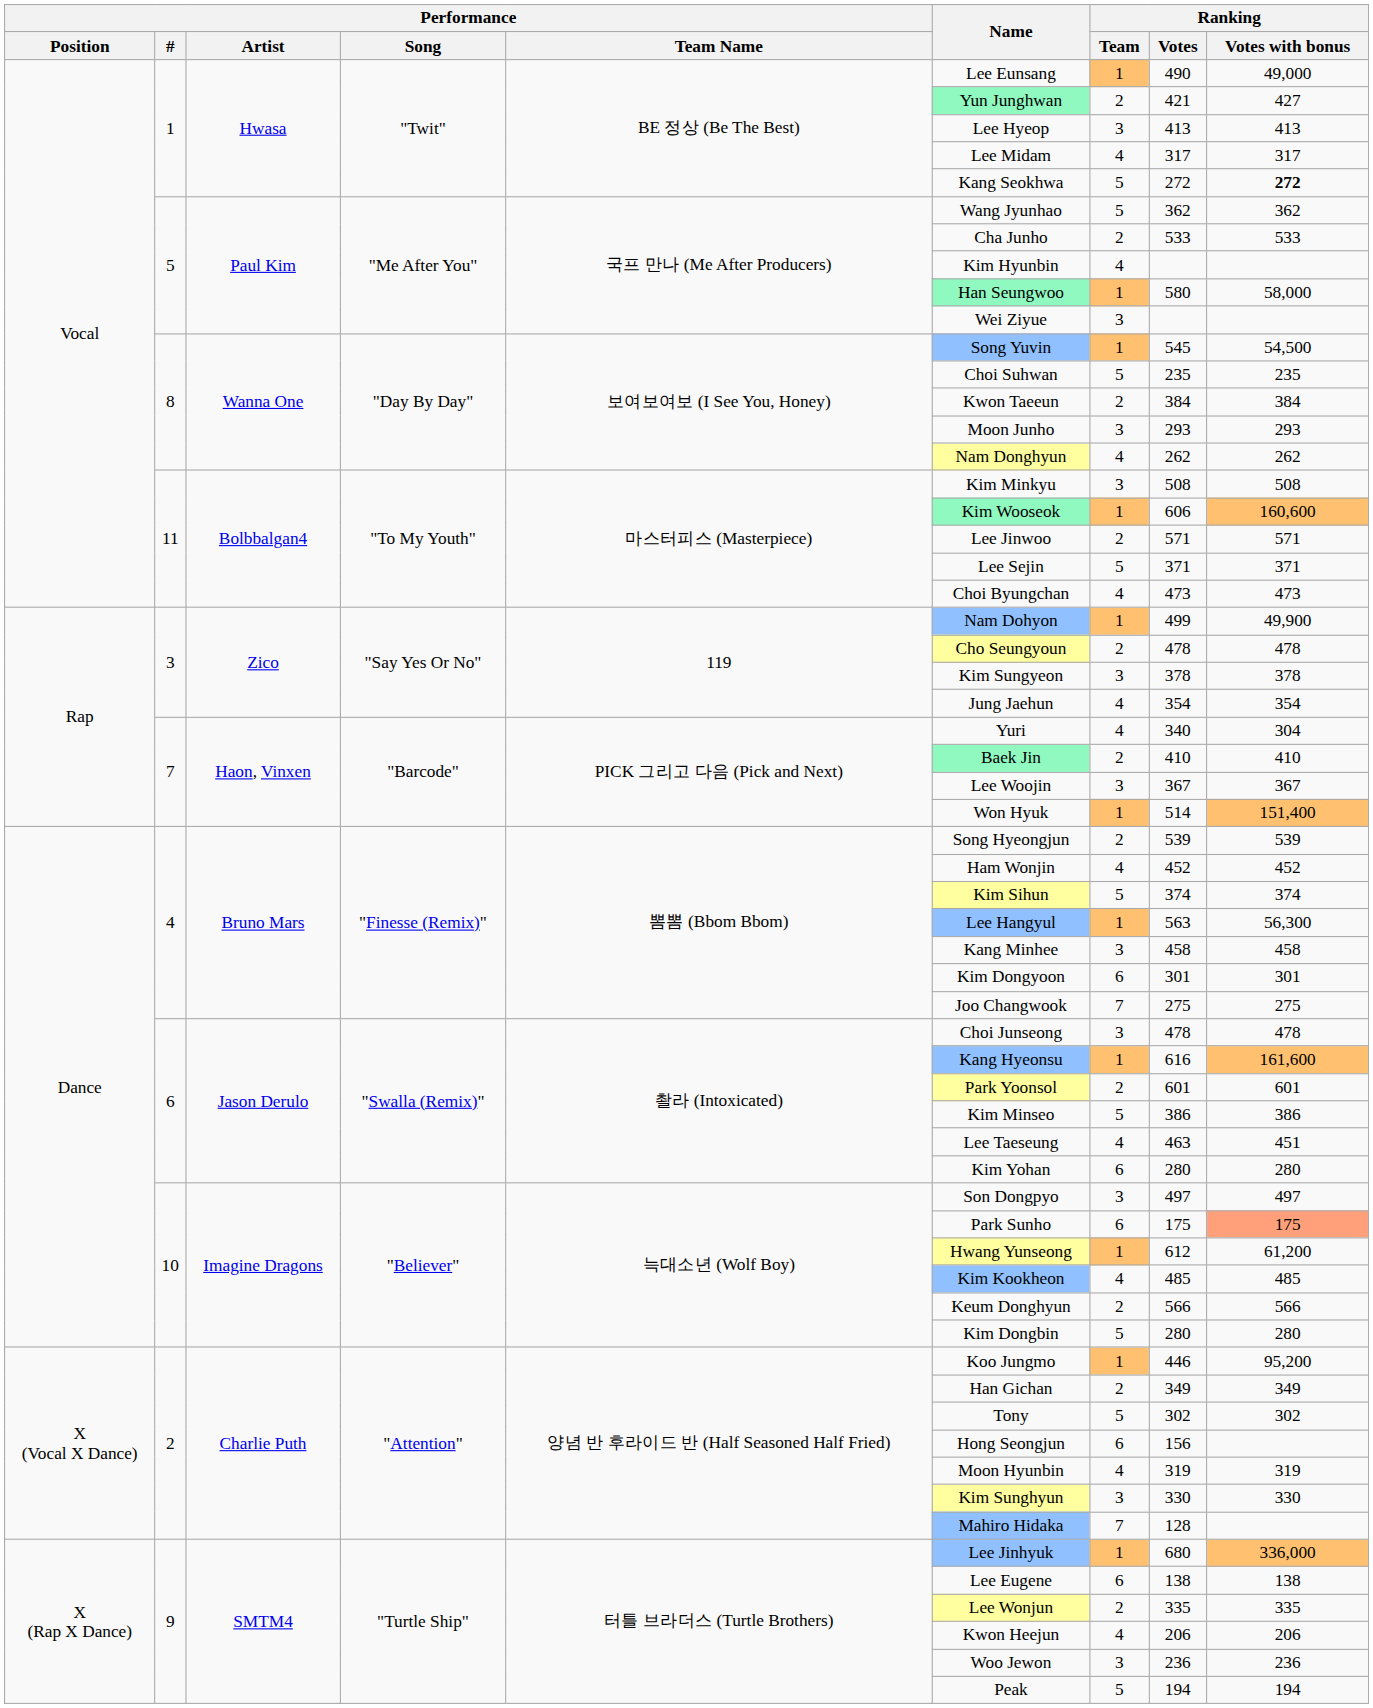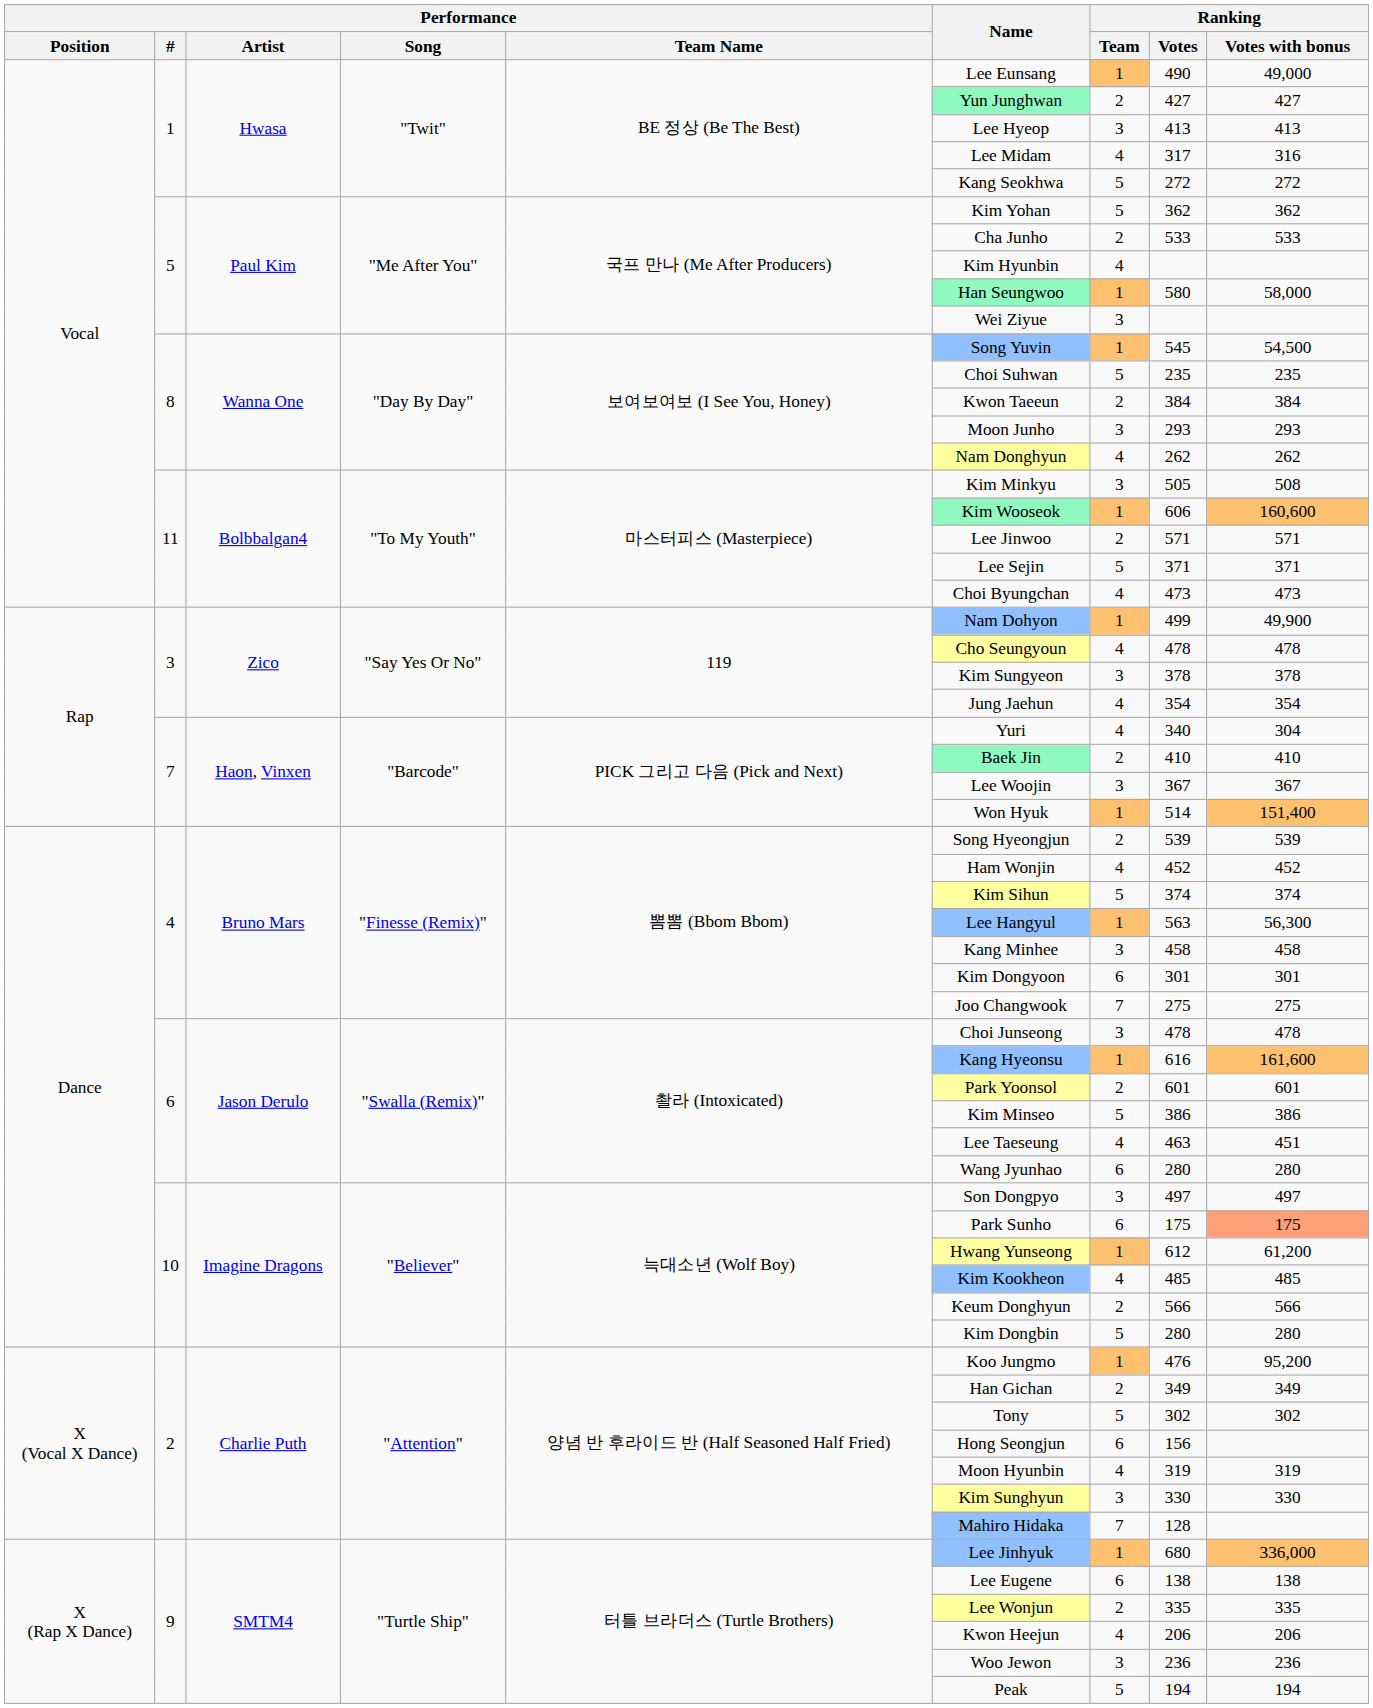 <table class="wikitable sortable" style="text-align:center; width:100%;">
 <tr>
 <th colspan=5>Performance</th>
 <th rowspan=2>Name</th>
 <th colspan=7>Ranking</th>
 </tr>
 <tr>
 <th>Position</th>
 <th>#</th>
 <th class=unsortable>Artist</th>
 <th class=unsortable>Song</th>
 <th class=unsortable>Team Name</th>
 <th>Team</th>
 <th>Votes</th>
 <th>Votes with bonus</th>
 </tr>
 <tr>
 <td rowspan="20">Vocal</td>
 <td rowspan="5">1</td>
 <td rowspan="5"><a href='#'>Hwasa</a></td>
 <td rowspan="5">"Twit"</td>
 <td rowspan="5">BE 정상 (Be The Best)</td>
 <td>Lee Eunsang</td>
 <td style=background:#FFC06F;>1</td>
 <td>490</td>
 <td>49,000</td>
 </tr>
 <tr>
 <td style="background:#90F9C0;">Yun Junghwan</td>
 <td>2</td>
-<td>421</td>
+<td>427</td>
 <td>427</td>
 </tr>
 <tr>
 <td>Lee Hyeop</td>
 <td>3</td>
 <td>413</td>
 <td>413</td>
 </tr>
 <tr>
 <td>Lee Midam</td>
 <td>4</td>
 <td>317</td>
-<td>317</td>
+<td>316</td>
 </tr>
 <tr>
 <td>Kang Seokhwa</td>
 <td>5</td>
 <td>272</td>
-<td><strong>272</strong></td>
+<td>272</td>
 </tr>
 <tr>
 <td rowspan="5">5</td>
 <td rowspan="5"><a href='#'>Paul Kim</a></td>
 <td rowspan="5">"Me After You"</td>
 <td rowspan="5">국프 만나 (Me After Producers)</td>
-<td>Wang Jyunhao</td>
+<td>Kim Yohan</td>
 <td>5</td>
 <td>362</td>
 <td>362</td>
 </tr>
 <tr>
 <td>Cha Junho</td>
 <td>2</td>
 <td>533</td>
 <td>533</td>
 </tr>
 <tr>
 <td>Kim Hyunbin</td>
 <td>4</td>
 <td></td>
 <td></td>
 </tr>
 <tr>
 <td style="background:#90F9C0;">Han Seungwoo</td>
 <td style=background:#FFC06F;>1</td>
 <td>580</td>
 <td>58,000</td>
 </tr>
 <tr>
 <td>Wei Ziyue</td>
 <td>3</td>
 <td></td>
 <td></td>
 </tr>
 <tr>
 <td rowspan="5">8</td>
 <td rowspan="5"><a href='#'>Wanna One</a></td>
 <td rowspan="5">"Day By Day"</td>
 <td rowspan="5">보여보여보 (I See You, Honey)</td>
 <td style=background:#90C0FF;>Song Yuvin</td>
 <td style="background:#FFC06F;">1</td>
 <td>545</td>
 <td>54,500</td>
 </tr>
 <tr>
 <td>Choi Suhwan</td>
 <td>5</td>
 <td>235</td>
 <td>235</td>
 </tr>
 <tr>
 <td>Kwon Taeeun</td>
 <td>2</td>
 <td>384</td>
 <td>384</td>
 </tr>
 <tr>
 <td>Moon Junho</td>
 <td>3</td>
 <td>293</td>
 <td>293</td>
 </tr>
 <tr>
 <td style="background:#FFFF9F;">Nam Donghyun</td>
 <td>4</td>
 <td>262</td>
 <td>262</td>
 </tr>
 <tr>
 <td rowspan="5">11</td>
 <td rowspan="5"><a href='#'>Bolbbalgan4</a></td>
 <td rowspan="5">"To My Youth"</td>
 <td rowspan="5">마스터피스 (Masterpiece)</td>
 <td>Kim Minkyu</td>
 <td>3</td>
-<td>508</td>
+<td>505</td>
 <td>508</td>
 </tr>
 <tr>
 <td style="background:#90F9C0;">Kim Wooseok</td>
 <td style="background:#FFC06F;">1</td>
 <td>606</td>
 <td style=background:#FFC06F;>160,600</td>
 </tr>
 <tr>
 <td>Lee Jinwoo</td>
 <td>2</td>
 <td>571</td>
 <td>571</td>
 </tr>
 <tr>
 <td>Lee Sejin</td>
 <td>5</td>
 <td>371</td>
 <td>371</td>
 </tr>
 <tr>
 <td>Choi Byungchan</td>
 <td>4</td>
 <td>473</td>
 <td>473</td>
 </tr>
 <tr>
 <td rowspan="8">Rap</td>
 <td rowspan="4">3</td>
 <td rowspan="4"><a href='#'>Zico</a></td>
 <td rowspan="4">"Say Yes Or No"</td>
 <td rowspan="4">119</td>
 <td style=background:#90C0FF;>Nam Dohyon</td>
 <td style=background:#FFC06F;>1</td>
 <td>499</td>
 <td>49,900</td>
 </tr>
 <tr>
 <td style="background:#FFFF9F;">Cho Seungyoun</td>
-<td>2</td>
+<td>4</td>
 <td>478</td>
 <td>478</td>
 </tr>
 <tr>
 <td>Kim Sungyeon</td>
 <td>3</td>
 <td>378</td>
 <td>378</td>
 </tr>
 <tr>
 <td>Jung Jaehun</td>
 <td>4</td>
 <td>354</td>
 <td>354</td>
 </tr>
 <tr>
 <td rowspan="4">7</td>
 <td rowspan="4"><a href='#'>Haon</a>, <a href='#'>Vinxen</a></td>
 <td rowspan="4">"Barcode"</td>
 <td rowspan="4">PICK 그리고 다음 (Pick and Next)</td>
 <td>Yuri</td>
 <td>4</td>
 <td>340</td>
 <td>304</td>
 </tr>
 <tr>
 <td style="background:#90F9C0;">Baek Jin</td>
 <td>2</td>
 <td>410</td>
 <td>410</td>
 </tr>
 <tr>
 <td>Lee Woojin</td>
 <td>3</td>
 <td>367</td>
 <td>367</td>
 </tr>
 <tr>
 <td>Won Hyuk</td>
 <td style="background:#FFC06F;">1</td>
 <td>514</td>
 <td style=background:#FFC06F;>151,400</td>
 </tr>
 <tr>
 <td rowspan="19">Dance</td>
 <td rowspan="7">4</td>
 <td rowspan="7"><a href='#'>Bruno Mars</a></td>
 <td rowspan="7">"<a href='#'>Finesse (Remix)</a>"</td>
 <td rowspan="7">뽐뽐 (Bbom Bbom)</td>
 <td>Song Hyeongjun</td>
 <td>2</td>
 <td>539</td>
 <td>539</td>
 </tr>
 <tr>
 <td>Ham Wonjin</td>
 <td>4</td>
 <td>452</td>
 <td>452</td>
 </tr>
 <tr>
 <td style="background:#FFFF9F;">Kim Sihun</td>
 <td>5</td>
 <td>374</td>
 <td>374</td>
 </tr>
 <tr>
 <td style=background:#90C0FF;>Lee Hangyul</td>
 <td style=background:#FFC06F;>1</td>
 <td>563</td>
 <td>56,300</td>
 </tr>
 <tr>
 <td>Kang Minhee</td>
 <td>3</td>
 <td>458</td>
 <td>458</td>
 </tr>
 <tr>
 <td>Kim Dongyoon</td>
 <td>6</td>
 <td>301</td>
 <td>301</td>
 </tr>
 <tr>
 <td>Joo Changwook</td>
 <td>7</td>
 <td>275</td>
 <td>275</td>
 </tr>
 <tr>
 <td rowspan="6">6</td>
 <td rowspan="6"><a href='#'>Jason Derulo</a></td>
 <td rowspan="6">"<a href='#'>Swalla (Remix)</a>"</td>
 <td rowspan="6">촬라 (Intoxicated)</td>
 <td>Choi Junseong</td>
 <td>3</td>
 <td>478</td>
 <td>478</td>
 </tr>
 <tr>
 <td style=background:#90C0FF;>Kang Hyeonsu</td>
 <td style=background:#FFC06F;>1</td>
 <td>616</td>
 <td style=background:#FFC06F;>161,600</td>
 </tr>
 <tr>
 <td style=background:#FFFF9F;>Park Yoonsol</td>
 <td>2</td>
 <td>601</td>
 <td>601</td>
 </tr>
 <tr>
 <td>Kim Minseo</td>
 <td>5</td>
 <td>386</td>
 <td>386</td>
 </tr>
 <tr>
 <td>Lee Taeseung</td>
 <td>4</td>
 <td>463</td>
 <td>451</td>
 </tr>
 <tr>
-<td>Kim Yohan</td>
+<td>Wang Jyunhao</td>
 <td>6</td>
 <td>280</td>
 <td>280</td>
 </tr>
 <tr>
 <td rowspan="6">10</td>
 <td rowspan="6"><a href='#'>Imagine Dragons</a></td>
 <td rowspan="6">"<a href='#'>Believer</a>"</td>
 <td rowspan="6">늑대소년 (Wolf Boy)</td>
 <td>Son Dongpyo</td>
 <td>3</td>
 <td>497</td>
 <td>497</td>
 </tr>
 <tr>
 <td>Park Sunho</td>
 <td>6</td>
 <td>175</td>
 <td style="background: lightsalmon;">175</td>
 </tr>
 <tr>
 <td style=background:#FFFF9F;>Hwang Yunseong</td>
 <td style="background:#FFC06F;">1</td>
 <td>612</td>
 <td>61,200</td>
 </tr>
 <tr>
 <td style=background:#90C0FF;>Kim Kookheon</td>
 <td>4</td>
 <td>485</td>
 <td>485</td>
 </tr>
 <tr>
 <td>Keum Donghyun</td>
 <td>2</td>
 <td>566</td>
 <td>566</td>
 </tr>
 <tr>
 <td>Kim Dongbin</td>
 <td>5</td>
 <td>280</td>
 <td>280</td>
 </tr>
 <tr>
 <td rowspan="7">X<br>(Vocal X Dance)</td>
 <td rowspan="7">2</td>
 <td rowspan="7"><a href='#'>Charlie Puth</a></td>
 <td rowspan="7">"<a href='#'>Attention</a>"</td>
 <td rowspan="7">양념 반 후라이드 반 (Half Seasoned Half Fried)</td>
 <td>Koo Jungmo</td>
 <td style=background:#FFC06F;>1</td>
-<td>446</td>
+<td>476</td>
 <td>95,200</td>
 </tr>
 <tr>
 <td>Han Gichan</td>
 <td>2</td>
 <td>349</td>
 <td>349</td>
 </tr>
 <tr>
 <td>Tony</td>
 <td>5</td>
 <td>302</td>
 <td>302</td>
 </tr>
 <tr>
 <td>Hong Seongjun</td>
 <td>6</td>
 <td>156</td>
 <td></td>
 </tr>
 <tr>
 <td>Moon Hyunbin</td>
 <td>4</td>
 <td>319</td>
 <td>319</td>
 </tr>
 <tr>
 <td style="background:#FFFF9F;">Kim Sunghyun</td>
 <td>3</td>
 <td>330</td>
 <td>330</td>
 </tr>
 <tr>
 <td style=background:#90C0FF;>Mahiro Hidaka</td>
 <td>7</td>
 <td>128</td>
 <td></td>
 </tr>
 <tr>
 <td rowspan="6">X<br>(Rap X Dance)</td>
 <td rowspan="6">9</td>
 <td rowspan="6"><a href='#'>SMTM4</a></td>
 <td rowspan="6">"Turtle Ship"</td>
 <td rowspan="6">터틀 브라더스 (Turtle Brothers)</td>
 <td style=background:#90C0FF;>Lee Jinhyuk</td>
 <td style="background:#FFC06F;">1</td>
 <td>680</td>
 <td style=background:#FFC06F;>336,000</td>
 </tr>
 <tr>
 <td>Lee Eugene</td>
 <td>6</td>
 <td>138</td>
 <td>138</td>
 </tr>
 <tr>
 <td style="background:#FFFF9F;">Lee Wonjun</td>
 <td>2</td>
 <td>335</td>
 <td>335</td>
 </tr>
 <tr>
 <td>Kwon Heejun</td>
 <td>4</td>
 <td>206</td>
 <td>206</td>
 </tr>
 <tr>
 <td>Woo Jewon</td>
 <td>3</td>
 <td>236</td>
 <td>236</td>
 </tr>
 <tr>
 <td>Peak</td>
 <td>5</td>
 <td>194</td>
 <td>194</td>
 </tr>
 </table>
